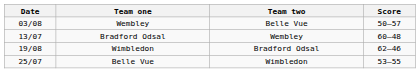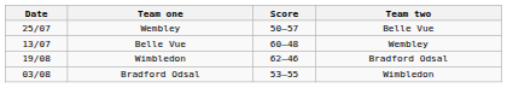 <table class="wikitable" style="text-align: center">
 <tr>
 <th width=80>Date</th>
 <th width=250>Team one</th>
+<th width=80>Score</th>
 <th width=250>Team two</th>
-<th width=80>Score</th>
 </tr>
 <tr>
-<td>03/08</td>
+<td>25/07</td>
 <td>Wembley</td>
+<td>50–57</td>
 <td>Belle Vue</td>
-<td>50–57</td>
 </tr>
 <tr>
 <td>13/07</td>
-<td>Bradford Odsal</td>
+<td>Belle Vue</td>
+<td>60–48</td>
 <td>Wembley</td>
-<td>60–48</td>
 </tr>
 <tr>
 <td>19/08</td>
 <td>Wimbledon</td>
+<td>62–46</td>
 <td>Bradford Odsal</td>
-<td>62–46</td>
 </tr>
 <tr>
-<td>25/07</td>
-<td>Belle Vue</td>
+<td>03/08</td>
+<td>Bradford Odsal</td>
+<td>53–55</td>
 <td>Wimbledon</td>
-<td>53–55</td>
 </tr>
 </table>
